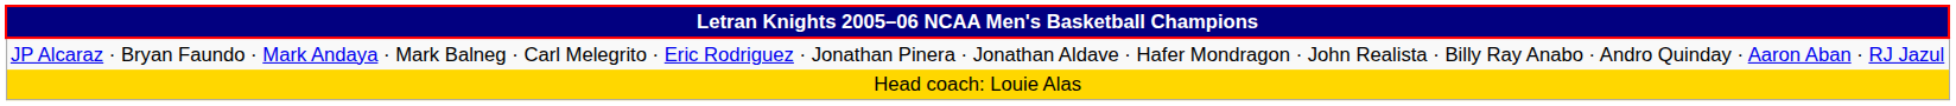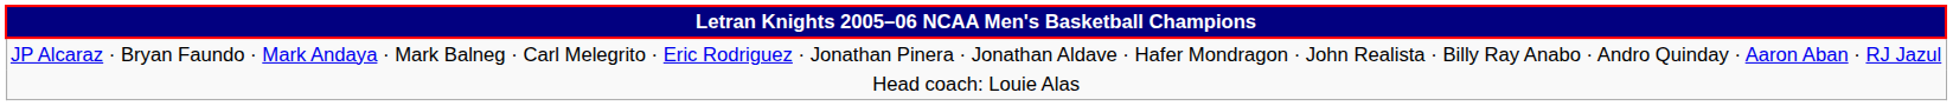 <table class="wikitable" style="text-align: center">
 <tr>
 <th style = "background:#020080; border:2px solid red; color:white">Letran Knights 2005–06 NCAA Men's Basketball Champions</th>
 </tr>
 <tr>
 <td style="border-style: none none none none;"><a href='#'>JP Alcaraz</a> · Bryan Faundo · <a href='#'>Mark Andaya</a> · Mark Balneg · Carl Melegrito · <a href='#'>Eric Rodriguez</a> · Jonathan Pinera · Jonathan Aldave · Hafer Mondragon · John Realista · Billy Ray Anabo · Andro Quinday · <a href='#'>Aaron Aban</a> · <a href='#'>RJ Jazul</a></td>
 </tr>
 <tr>
-<td style="background: gold; border-style: none none none none;">Head coach: Louie Alas</td>
+<td style="border-style: none none none none;">Head coach: Louie Alas</td>
 </tr>
 </table>
